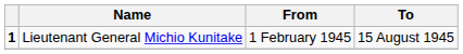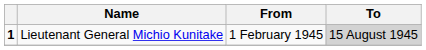 <table class=wikitable>
 <tr>
 <th></th>
 <th>Name</th>
 <th>From</th>
 <th>To</th>
 </tr>
 <tr>
 <td><strong>1</strong></td>
 <td>Lieutenant General <a href='#'>Michio Kunitake</a></td>
 <td>1 February 1945</td>
-<td>15 August 1945</td>
+<td style="background: lightgrey;">15 August 1945</td>
 </tr>
 <tr>
 </tr>
 </table>
